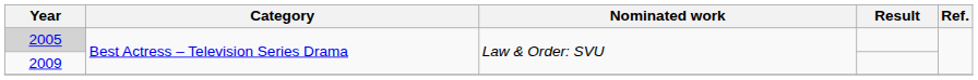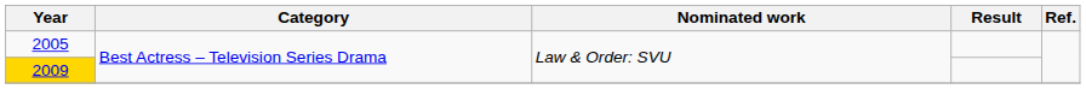 <table class=wikitable>
 <tr>
 <th scope="col" style="width:5em;">Year</th>
 <th scope="col" style="width:26em;">Category</th>
 <th scope="col" style="width:25em;">Nominated work</th>
 <th scope="col" style="width:5em;">Result</th>
 <th>Ref.</th>
 </tr>
 <tr>
-<td style="background: lightgrey; text-align:center;"><a href='#'>2005</a></td>
+<td style="text-align:center;"><a href='#'>2005</a></td>
 <td rowspan=2><a href='#'>Best Actress – Television Series Drama</a></td>
 <td rowspan=2><em>Law & Order: SVU</em></td>
 <td></td>
 <td style="text-align:center;", rowspan=2></td>
 </tr>
 <tr>
-<td style="text-align:center;"><a href='#'>2009</a></td>
+<td style="background: gold; text-align:center;"><a href='#'>2009</a></td>
 <td></td>
 </tr>
 <tr>
 </tr>
 </table>
